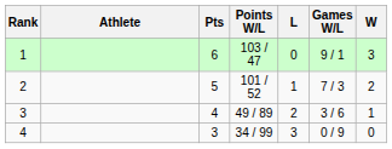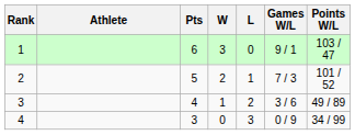 <table class="wikitable" style="text-align: center; font-size:90% ">
 <tr>
 <th width="20">Rank</th>
 <th width="180">Athlete</th>
 <th width="30">Pts</th>
-<th width="50">Points<br>W/L</th>
+<th width="30">W</th>
 <th width="30">L</th>
 <th width="40">Games<br>W/L</th>
-<th width="30">W</th>
+<th width="50">Points<br>W/L</th>
 </tr>
 <tr bgcolor=#ccffcc>
 <td>1</td>
 <td align=left></td>
 <td>6</td>
-<td>103 / 47</td>
+<td>3</td>
 <td>0</td>
 <td>9 / 1</td>
-<td>3</td>
+<td>103 / 47</td>
 </tr>
 <tr>
 <td>2</td>
 <td align=left></td>
 <td>5</td>
-<td>101 / 52</td>
+<td>2</td>
 <td>1</td>
 <td>7 / 3</td>
-<td>2</td>
+<td>101 / 52</td>
 </tr>
 <tr>
 <td>3</td>
 <td align=left></td>
 <td>4</td>
-<td>49 / 89</td>
+<td>1</td>
 <td>2</td>
 <td>3 / 6</td>
-<td>1</td>
+<td>49 / 89</td>
 </tr>
 <tr>
 <td>4</td>
 <td align=left></td>
 <td>3</td>
-<td>34 / 99</td>
+<td>0</td>
 <td>3</td>
 <td>0 / 9</td>
-<td>0</td>
+<td>34 / 99</td>
 </tr>
 </table>
